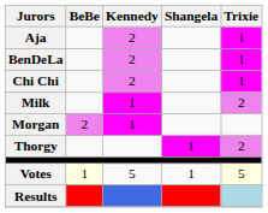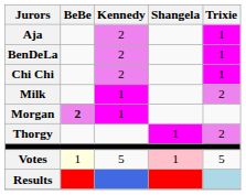 <table class="wikitable" style="text-align:center">
 <tr>
 <th scope="col">Jurors</th>
 <th scope="col">BeBe</th>
 <th scope="col">Kennedy</th>
 <th scope="col">Shangela</th>
 <th scope="col">Trixie</th>
 </tr>
 <tr>
 <th scope="row">Aja</th>
 <td></td>
 <td bgcolor="violet">2</td>
 <td></td>
 <td bgcolor="fuchsia">1</td>
 </tr>
 <tr>
 <th scope="row">BenDeLa</th>
 <td></td>
 <td bgcolor="violet">2</td>
 <td></td>
 <td bgcolor="fuchsia">1</td>
 </tr>
 <tr>
 <th scope="row">Chi Chi</th>
 <td></td>
 <td bgcolor="violet">2</td>
 <td></td>
 <td bgcolor="fuchsia">1</td>
 </tr>
 <tr>
 <th scope="row">Milk</th>
 <td></td>
 <td bgcolor="fuchsia">1</td>
 <td></td>
 <td bgcolor="violet">2</td>
 </tr>
 <tr>
 <th scope="row">Morgan</th>
-<td bgcolor="violet">2</td>
+<td bgcolor="violet"><strong>2</strong></td>
 <td bgcolor="fuchsia">1</td>
 <td></td>
 <td></td>
 </tr>
 <tr>
 <th scope="row">Thorgy</th>
 <td></td>
 <td></td>
 <td bgcolor="fuchsia">1</td>
 <td bgcolor="violet">2</td>
 </tr>
 <tr>
 <td colspan="8" bgcolor="black"></td>
 </tr>
 <tr>
 <th scope="row" nowrap>Votes</th>
 <td style="background: lightyellow;">1</td>
 <td>5</td>
-<td>1</td>
-<td style="background: lightyellow;">5</td>
+<td style="background: pink;">1</td>
+<td>5</td>
 </tr>
 <tr>
 <th scope="row">Results</th>
 <td bgcolor="red"></td>
 <td bgcolor="royalblue"></td>
 <td bgcolor="red"></td>
 <td bgcolor="lightblue"></td>
 </tr>
 <tr>
 </tr>
 </table>
